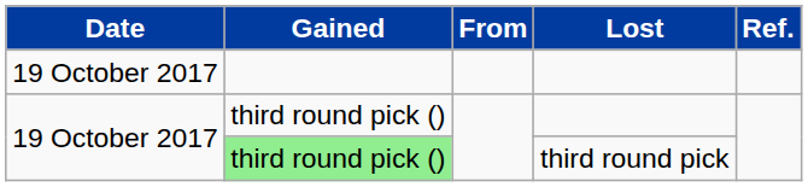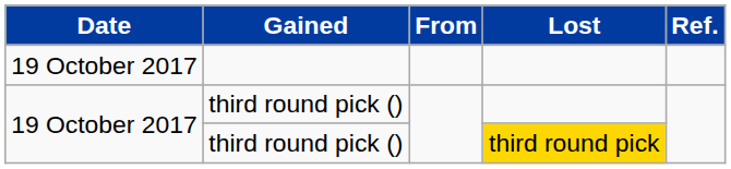 <table class="wikitable" style="font-size:90%; text-align:center;">
 <tr>
 <td style="background:#013B9F; color:white;"><strong>Date</strong></td>
 <td style="background:#013B9F; color:white;"><strong>Gained</strong></td>
 <td style="background:#013B9F; color:white;"><strong>From</strong></td>
 <td style="background:#013B9F; color:white;"><strong>Lost</strong></td>
 <td style="background:#013B9F; color:white;"><strong>Ref.</strong></td>
 </tr>
 <tr>
 <td>19 October 2017</td>
 <td></td>
 <td></td>
 <td></td>
 <td></td>
 </tr>
 <tr>
 <td rowspan="2">19 October 2017</td>
 <td> third round pick ()</td>
 <td rowspan="2"></td>
 <td></td>
 <td rowspan="2"></td>
 </tr>
 <tr>
-<td style="background: lightgreen;"> third round pick ()</td>
-<td> third round pick</td>
+<td> third round pick ()</td>
+<td style="background: gold;"> third round pick</td>
 </tr>
 </table>
